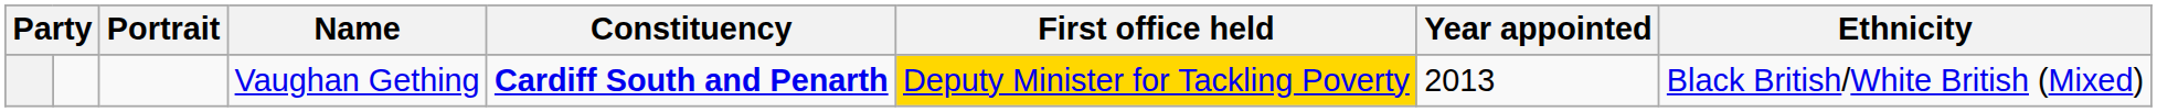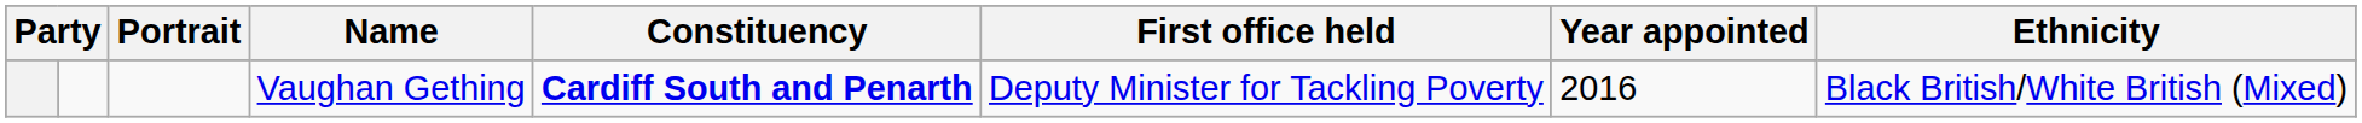 <table class="wikitable sortable">
 <tr>
 <th colspan=2>Party</th>
 <th>Portrait</th>
 <th>Name</th>
 <th>Constituency</th>
 <th>First office held</th>
 <th>Year appointed</th>
 <th>Ethnicity</th>
 </tr>
 <tr>
 <th style="background-color: "></th>
 <td></td>
 <td></td>
 <td><a href='#'>Vaughan Gething</a></td>
 <td><strong><a href='#'>Cardiff South and Penarth</a></strong></td>
-<td style="background: gold;"><a href='#'>Deputy Minister for Tackling Poverty</a></td>
-<td>2013</td>
+<td><a href='#'>Deputy Minister for Tackling Poverty</a></td>
+<td>2016</td>
 <td><a href='#'>Black British</a>/<a href='#'>White British</a> (<a href='#'>Mixed</a>)</td>
 </tr>
 </table>
